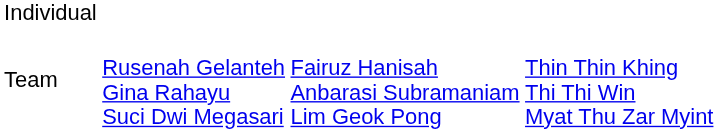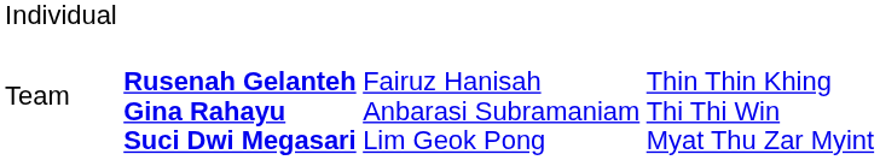 <table>
 <tr>
 <td>Individual</td>
 <td></td>
 <td></td>
 <td></td>
 </tr>
 <tr>
 <td>Team</td>
-<td><br><a href='#'>Rusenah Gelanteh</a><br><a href='#'>Gina Rahayu</a><br><a href='#'>Suci Dwi Megasari</a></td>
+<td><strong><br><a href='#'>Rusenah Gelanteh</a><br><a href='#'>Gina Rahayu</a><br><a href='#'>Suci Dwi Megasari</a></strong></td>
 <td><br><a href='#'>Fairuz Hanisah</a><br><a href='#'>Anbarasi Subramaniam</a><br><a href='#'>Lim Geok Pong</a></td>
 <td><br><a href='#'>Thin Thin Khing</a><br><a href='#'>Thi Thi Win</a><br><a href='#'>Myat Thu Zar Myint</a></td>
 </tr>
 </table>
